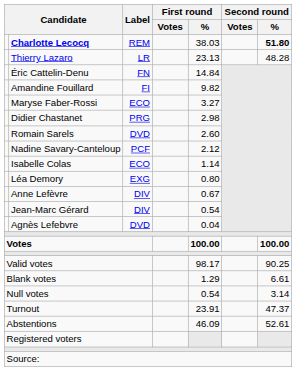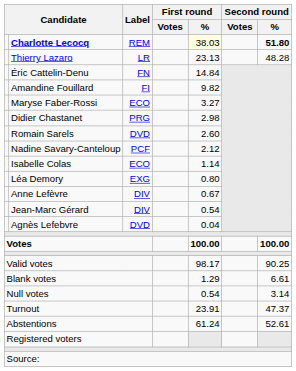 <table class="wikitable" style="text-align:right;font-size:95%;">
 <tr>
 <th rowspan="2" colspan="2">Candidate</th>
 <th rowspan="2">Label</th>
 <th colspan="2">First round</th>
 <th colspan="2">Second round</th>
 </tr>
 <tr>
 <th style="width:50px;">Votes</th>
 <th style="width:45px;">%</th>
 <th style="width:50px;">Votes</th>
 <th style="width:45px;">%</th>
 </tr>
 <tr>
 <td style="color:inherit;background:"></td>
 <td style="text-align:left;"><strong><a href='#'>Charlotte Lecocq</a></strong></td>
 <td><a href='#'>REM</a></td>
 <td></td>
-<td>38.03</td>
+<td style="background: lightyellow;">38.03</td>
 <td><strong></strong></td>
 <td><strong>51.80</strong></td>
 </tr>
 <tr>
 <td style="color:inherit;background:"></td>
 <td style="text-align:left;"><a href='#'>Thierry Lazaro</a></td>
 <td><a href='#'>LR</a></td>
 <td></td>
 <td>23.13</td>
 <td></td>
 <td>48.28</td>
 </tr>
 <tr>
 <td style="color:inherit;background:"></td>
 <td style="text-align:left;">Éric Cattelin-Denu</td>
 <td><a href='#'>FN</a></td>
 <td></td>
 <td>14.84</td>
 <td colspan="2" rowspan="11" style="background:#E9E9E9;"></td>
 </tr>
 <tr>
 <td style="color:inherit;background:"></td>
 <td style="text-align:left;">Amandine Fouillard</td>
 <td><a href='#'>FI</a></td>
 <td></td>
 <td>9.82</td>
 </tr>
 <tr>
 <td style="color:inherit;background:"></td>
 <td style="text-align:left;">Maryse Faber-Rossi</td>
 <td><a href='#'>ECO</a></td>
 <td></td>
 <td>3.27</td>
 </tr>
 <tr>
 <td style="color:inherit;background:"></td>
 <td style="text-align:left;">Didier Chastanet</td>
 <td><a href='#'>PRG</a></td>
 <td></td>
 <td>2.98</td>
 </tr>
 <tr>
 <td style="color:inherit;background:"></td>
 <td style="text-align:left;">Romain Sarels</td>
 <td><a href='#'>DVD</a></td>
 <td></td>
 <td>2.60</td>
 </tr>
 <tr>
 <td style="color:inherit;background:"></td>
 <td style="text-align:left;">Nadine Savary-Canteloup</td>
 <td><a href='#'>PCF</a></td>
 <td></td>
 <td>2.12</td>
 </tr>
 <tr>
 <td style="color:inherit;background:"></td>
 <td style="text-align:left;">Isabelle Colas</td>
 <td><a href='#'>ECO</a></td>
 <td></td>
 <td>1.14</td>
 </tr>
 <tr>
 <td style="color:inherit;background:"></td>
 <td style="text-align:left;">Léa Demory</td>
 <td><a href='#'>EXG</a></td>
 <td></td>
 <td>0.80</td>
 </tr>
 <tr>
 <td style="color:inherit;background:"></td>
 <td style="text-align:left;">Anne Lefèvre</td>
 <td><a href='#'>DIV</a></td>
 <td></td>
 <td>0.67</td>
 </tr>
 <tr>
 <td style="color:inherit;background:"></td>
 <td style="text-align:left;">Jean-Marc Gérard</td>
 <td><a href='#'>DIV</a></td>
 <td></td>
 <td>0.54</td>
 </tr>
 <tr>
 <td style="color:inherit;background:"></td>
 <td style="text-align:left;">Agnès Lefebvre</td>
 <td><a href='#'>DVD</a></td>
 <td></td>
 <td>0.04</td>
 </tr>
 <tr>
 <td colspan="7" style="background:#E9E9E9;"></td>
 </tr>
 <tr style="font-weight:bold;">
 <td colspan="3" style="text-align:left;">Votes</td>
 <td></td>
 <td>100.00</td>
 <td></td>
 <td>100.00</td>
 </tr>
 <tr>
 <td colspan="7" style="background:#E9E9E9;"></td>
 </tr>
 <tr>
 <td colspan="3" style="text-align:left;">Valid votes</td>
 <td></td>
 <td>98.17</td>
 <td></td>
 <td>90.25</td>
 </tr>
 <tr>
 <td colspan="3" style="text-align:left;">Blank votes</td>
 <td></td>
 <td>1.29</td>
 <td></td>
 <td>6.61</td>
 </tr>
 <tr>
 <td colspan="3" style="text-align:left;">Null votes</td>
 <td></td>
 <td>0.54</td>
 <td></td>
 <td>3.14</td>
 </tr>
 <tr>
 <td colspan="3" style="text-align:left;">Turnout</td>
 <td></td>
 <td>23.91</td>
 <td></td>
 <td>47.37</td>
 </tr>
 <tr>
 <td colspan="3" style="text-align:left;">Abstentions</td>
 <td></td>
-<td>46.09</td>
+<td>61.24</td>
 <td></td>
 <td>52.61</td>
 </tr>
 <tr>
 <td colspan="3" style="text-align:left;">Registered voters</td>
 <td></td>
 <td style="background:#E9E9E9;"></td>
 <td></td>
 <td style="background:#E9E9E9;"></td>
 </tr>
 <tr>
 <td colspan="7" style="background:#E9E9E9;"></td>
 </tr>
 <tr>
 <td colspan="7" style="text-align:left;">Source: </td>
 </tr>
 </table>
